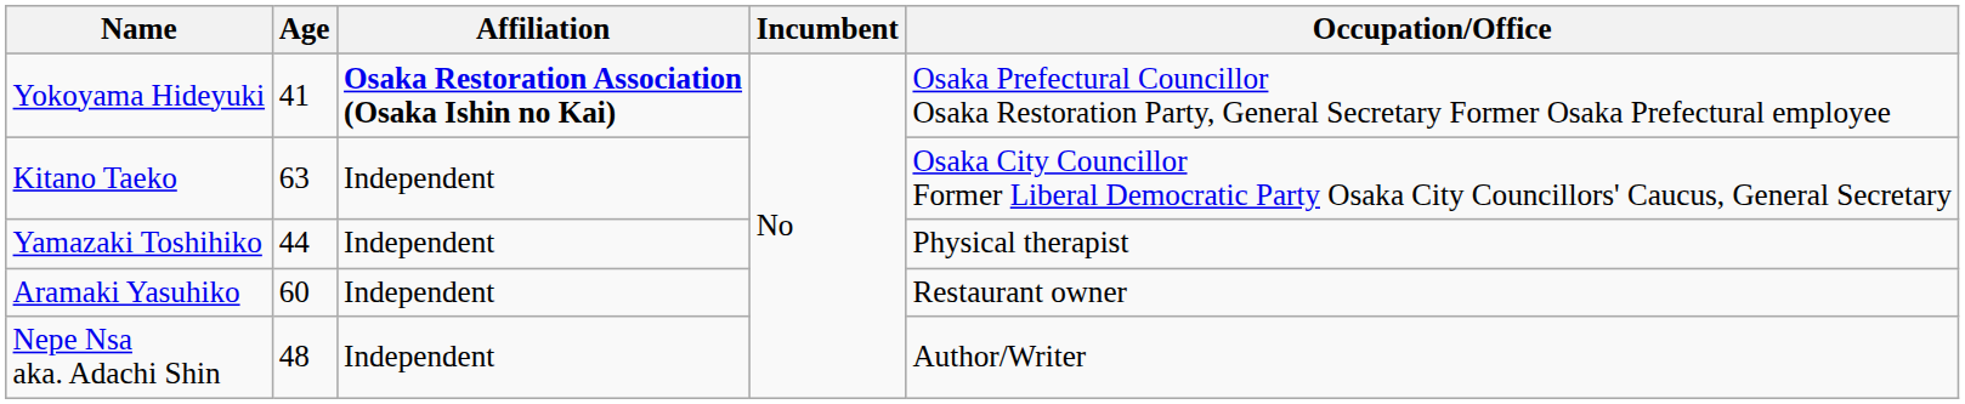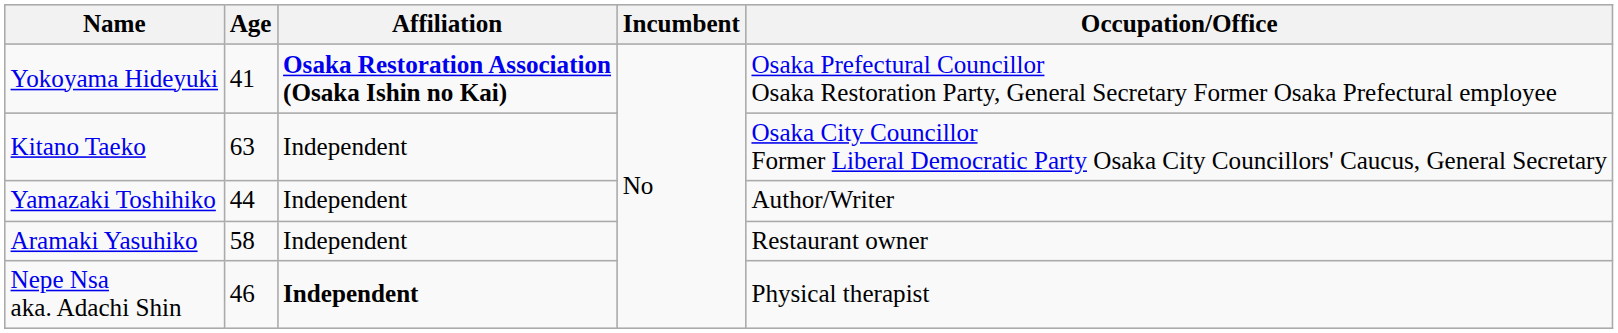 <table class="wikitable">
 <tr>
 <th>Name</th>
 <th>Age</th>
 <th>Affiliation</th>
 <th>Incumbent</th>
 <th>Occupation/Office</th>
 </tr>
 <tr>
 <td><a href='#'>Yokoyama Hideyuki</a></td>
 <td>41</td>
 <td><strong><a href='#'>Osaka Restoration Association</a><br>(Osaka Ishin no Kai)</strong></td>
 <td rowspan="5">No</td>
 <td><a href='#'>Osaka Prefectural Councillor</a><br>Osaka Restoration Party, General Secretary Former Osaka Prefectural employee</td>
 </tr>
 <tr>
 <td><a href='#'>Kitano Taeko</a></td>
 <td>63</td>
 <td>Independent</td>
 <td><a href='#'>Osaka City Councillor</a><br>Former <a href='#'>Liberal Democratic Party</a> Osaka City Councillors' Caucus, General Secretary</td>
 </tr>
 <tr>
 <td><a href='#'>Yamazaki Toshihiko</a></td>
 <td>44</td>
 <td>Independent</td>
-<td>Physical therapist</td>
+<td>Author/Writer</td>
 </tr>
 <tr>
 <td><a href='#'>Aramaki Yasuhiko</a></td>
-<td>60</td>
+<td>58</td>
 <td>Independent</td>
 <td>Restaurant owner</td>
 </tr>
 <tr>
 <td><a href='#'>Nepe Nsa</a><br>aka. Adachi Shin</td>
-<td>48</td>
-<td>Independent</td>
-<td>Author/Writer</td>
+<td>46</td>
+<td><strong>Independent</strong></td>
+<td>Physical therapist</td>
 </tr>
 </table>
